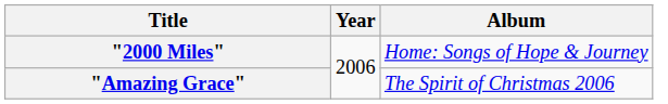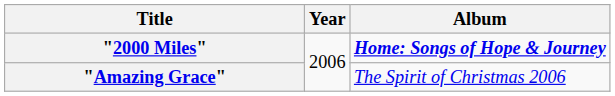 <table class="wikitable plainrowheaders" border="1">
 <tr>
 <th scope="col" style="width:16em;">Title</th>
 <th scope="col">Year</th>
 <th scope="col">Album</th>
 </tr>
 <tr>
 <th scope="row">"<a href='#'>2000 Miles</a>"</th>
 <td rowspan="2">2006</td>
-<td><em><a href='#'>Home: Songs of Hope & Journey</a></em></td>
+<td><strong><em><a href='#'>Home: Songs of Hope & Journey</a></em></strong></td>
 </tr>
 <tr>
 <th scope="row">"<a href='#'>Amazing Grace</a>"</th>
 <td><em><a href='#'>The Spirit of Christmas 2006</a></em></td>
 </tr>
 </table>
